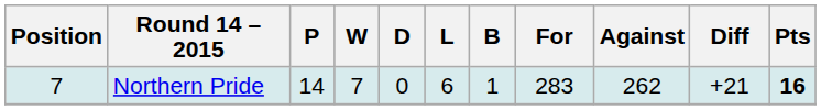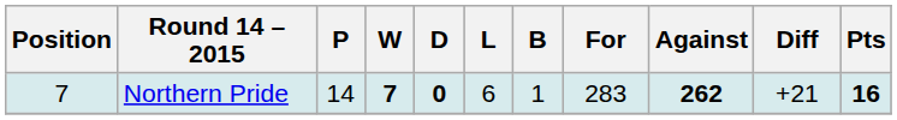 <table class="wikitable" style="text-align:center; font-size:85%;">
 <tr>
 <th width=40 abbr="Position">Position</th>
 <th width=100>Round 14 – 2015</th>
 <th width=20 abbr="Played">P</th>
 <th width=20 abbr="Won">W</th>
 <th width=20 abbr="Drawn">D</th>
 <th width=20 abbr="Lost">L</th>
 <th width=20 abbr="Bye">B</th>
 <th width=40 abbr="Points for">For</th>
 <th width=40 abbr="Points against">Against</th>
 <th width=40 abbr="Points difference">Diff</th>
 <th width=20 abbr="Points">Pts</th>
 </tr>
 <tr style="background: #d7ebed;">
 <td>7</td>
 <td style="text-align:left;"> <a href='#'>Northern Pride</a></td>
 <td>14</td>
-<td>7</td>
-<td>0</td>
+<td><strong>7</strong></td>
+<td><strong>0</strong></td>
 <td>6</td>
 <td>1</td>
 <td>283</td>
-<td>262</td>
+<td><strong>262</strong></td>
 <td>+21</td>
 <td><strong>16</strong></td>
 </tr>
 <tr>
 </tr>
 </table>
